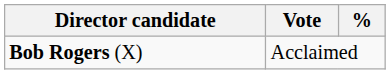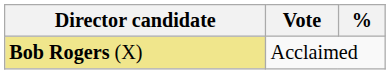 <table class="wikitable">
 <tr>
 <th width="200px">Director candidate</th>
 <th width="50px">Vote</th>
 <th width="30px">%</th>
 </tr>
 <tr>
-<td><strong>Bob Rogers</strong> (X) </td>
+<td style="background: khaki;"><strong>Bob Rogers</strong> (X) </td>
 <td colspan="2">Acclaimed</td>
 </tr>
 </table>
